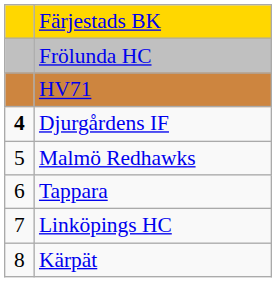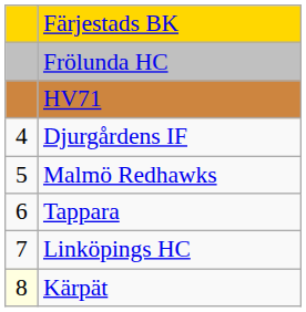 <table class="wikitable" width="200px">
 <tr style="background:#ffd700;">
 <td align=center></td>
 <td> <a href='#'>Färjestads BK</a></td>
 </tr>
 <tr style="background:#c0c0c0;">
 <td align=center></td>
 <td> <a href='#'>Frölunda HC</a></td>
 </tr>
 <tr style="background:#CD853F;">
 <td align=center></td>
 <td> <a href='#'>HV71</a></td>
 </tr>
 <tr>
-<td align=center><strong>4</strong></td>
+<td align=center>4</td>
 <td> <a href='#'>Djurgårdens IF</a></td>
 </tr>
 <tr>
 <td align=center>5</td>
 <td> <a href='#'>Malmö Redhawks</a></td>
 </tr>
 <tr>
 <td align=center>6</td>
 <td> <a href='#'>Tappara</a></td>
 </tr>
 <tr>
 <td align=center>7</td>
 <td> <a href='#'>Linköpings HC</a></td>
 </tr>
 <tr>
-<td align=center>8</td>
+<td align=center style="background: lightyellow;">8</td>
 <td> <a href='#'>Kärpät</a></td>
 </tr>
 </table>
